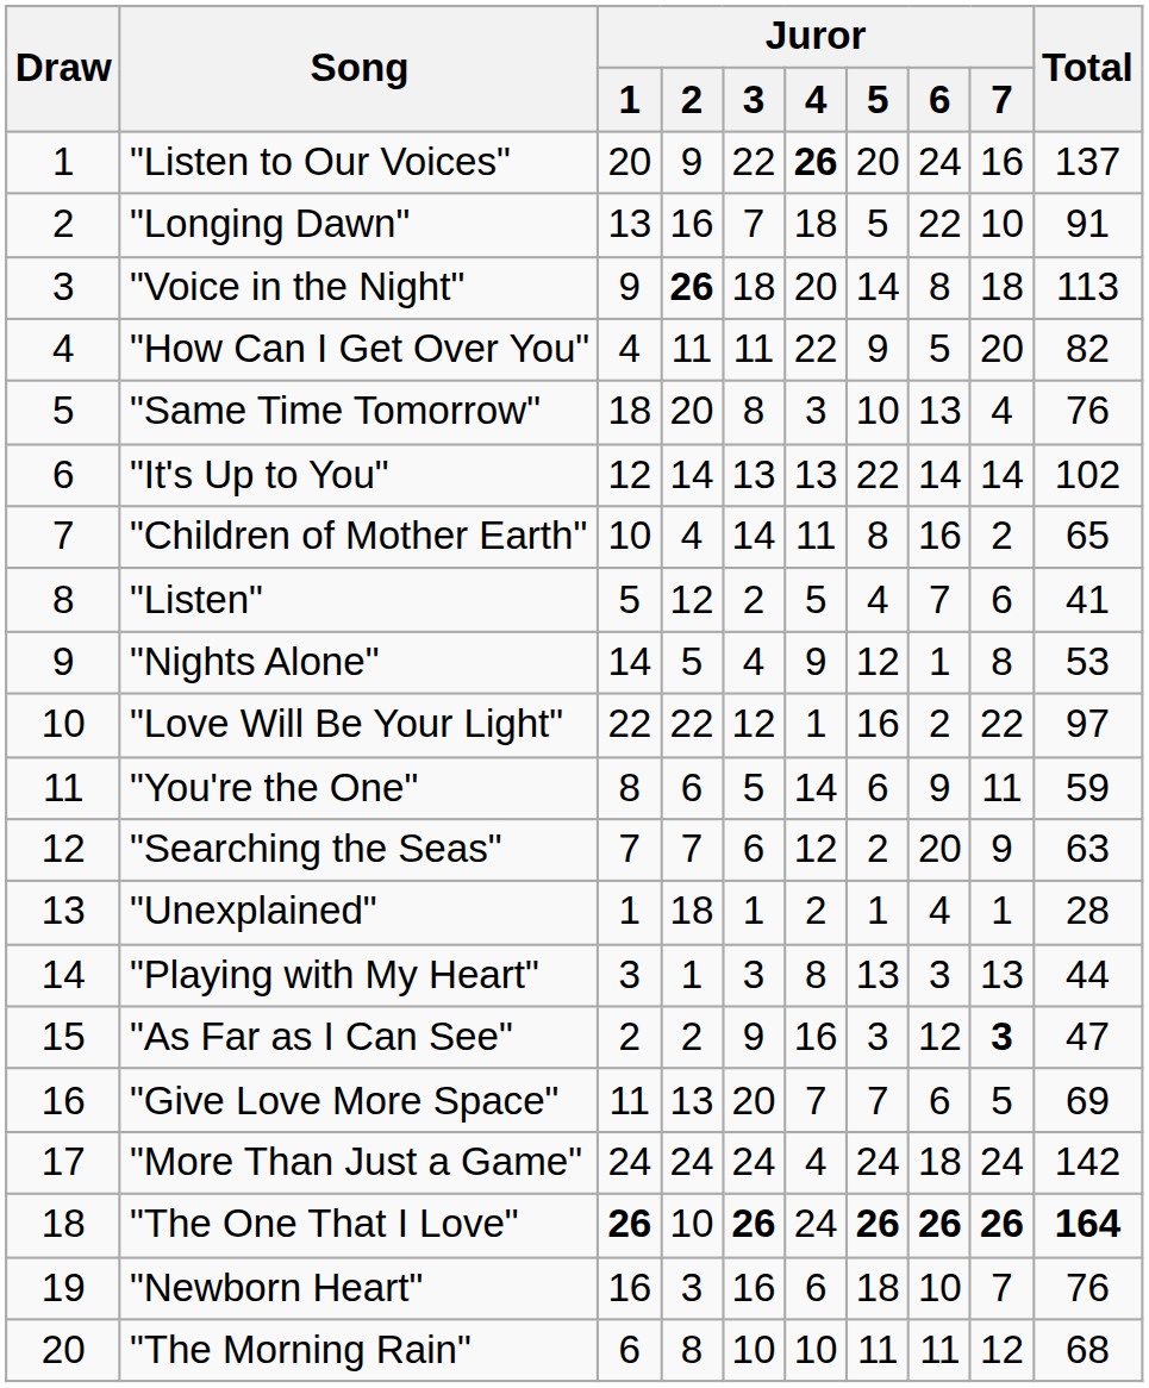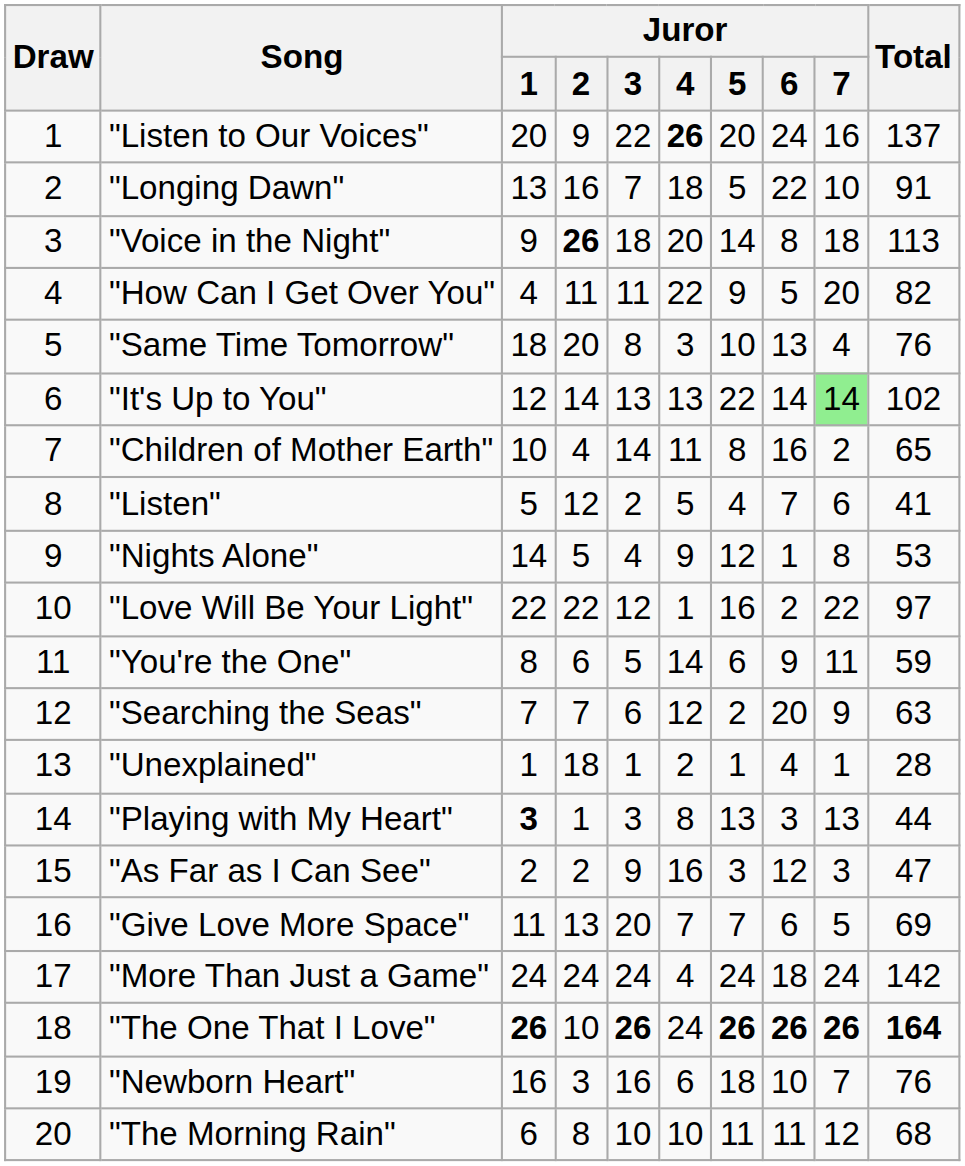 <table class="wikitable plainrowheaders" style="margin: 1em auto 1em auto; text-align:center;">
 <tr>
 <th rowspan="2">Draw</th>
 <th rowspan="2">Song</th>
 <th colspan="7">Juror</th>
 <th rowspan="2">Total</th>
 </tr>
 <tr>
 <th>1</th>
 <th>2</th>
 <th>3</th>
 <th>4</th>
 <th>5</th>
 <th>6</th>
 <th>7</th>
 </tr>
 <tr>
 <td>1</td>
 <td align="left">"Listen to Our Voices"</td>
 <td>20</td>
 <td>9</td>
 <td>22</td>
 <td><strong>26</strong></td>
 <td>20</td>
 <td>24</td>
 <td>16</td>
 <td>137</td>
 </tr>
 <tr>
 <td>2</td>
 <td align="left">"Longing Dawn"</td>
 <td>13</td>
 <td>16</td>
 <td>7</td>
 <td>18</td>
 <td>5</td>
 <td>22</td>
 <td>10</td>
 <td>91</td>
 </tr>
 <tr>
 <td>3</td>
 <td align="left">"Voice in the Night"</td>
 <td>9</td>
 <td><strong>26</strong></td>
 <td>18</td>
 <td>20</td>
 <td>14</td>
 <td>8</td>
 <td>18</td>
 <td>113</td>
 </tr>
 <tr>
 <td>4</td>
 <td align="left">"How Can I Get Over You"</td>
 <td>4</td>
 <td>11</td>
 <td>11</td>
 <td>22</td>
 <td>9</td>
 <td>5</td>
 <td>20</td>
 <td>82</td>
 </tr>
 <tr>
 <td>5</td>
 <td align="left">"Same Time Tomorrow"</td>
 <td>18</td>
 <td>20</td>
 <td>8</td>
 <td>3</td>
 <td>10</td>
 <td>13</td>
 <td>4</td>
 <td>76</td>
 </tr>
 <tr>
 <td>6</td>
 <td align="left">"It's Up to You"</td>
 <td>12</td>
 <td>14</td>
 <td>13</td>
 <td>13</td>
 <td>22</td>
 <td>14</td>
-<td>14</td>
+<td style="background: lightgreen;">14</td>
 <td>102</td>
 </tr>
 <tr>
 <td>7</td>
 <td align="left">"Children of Mother Earth"</td>
 <td>10</td>
 <td>4</td>
 <td>14</td>
 <td>11</td>
 <td>8</td>
 <td>16</td>
 <td>2</td>
 <td>65</td>
 </tr>
 <tr>
 <td>8</td>
 <td align="left">"Listen"</td>
 <td>5</td>
 <td>12</td>
 <td>2</td>
 <td>5</td>
 <td>4</td>
 <td>7</td>
 <td>6</td>
 <td>41</td>
 </tr>
 <tr>
 <td>9</td>
 <td align="left">"Nights Alone"</td>
 <td>14</td>
 <td>5</td>
 <td>4</td>
 <td>9</td>
 <td>12</td>
 <td>1</td>
 <td>8</td>
 <td>53</td>
 </tr>
 <tr>
 <td>10</td>
 <td align="left">"Love Will Be Your Light"</td>
 <td>22</td>
 <td>22</td>
 <td>12</td>
 <td>1</td>
 <td>16</td>
 <td>2</td>
 <td>22</td>
 <td>97</td>
 </tr>
 <tr>
 <td>11</td>
 <td align="left">"You're the One"</td>
 <td>8</td>
 <td>6</td>
 <td>5</td>
 <td>14</td>
 <td>6</td>
 <td>9</td>
 <td>11</td>
 <td>59</td>
 </tr>
 <tr>
 <td>12</td>
 <td align="left">"Searching the Seas"</td>
 <td>7</td>
 <td>7</td>
 <td>6</td>
 <td>12</td>
 <td>2</td>
 <td>20</td>
 <td>9</td>
 <td>63</td>
 </tr>
 <tr>
 <td>13</td>
 <td align="left">"Unexplained"</td>
 <td>1</td>
 <td>18</td>
 <td>1</td>
 <td>2</td>
 <td>1</td>
 <td>4</td>
 <td>1</td>
 <td>28</td>
 </tr>
 <tr>
 <td>14</td>
 <td align="left">"Playing with My Heart"</td>
-<td>3</td>
+<td><strong>3</strong></td>
 <td>1</td>
 <td>3</td>
 <td>8</td>
 <td>13</td>
 <td>3</td>
 <td>13</td>
 <td>44</td>
 </tr>
 <tr>
 <td>15</td>
 <td align="left">"As Far as I Can See"</td>
 <td>2</td>
 <td>2</td>
 <td>9</td>
 <td>16</td>
 <td>3</td>
 <td>12</td>
-<td><strong>3</strong></td>
+<td>3</td>
 <td>47</td>
 </tr>
 <tr>
 <td>16</td>
 <td align="left">"Give Love More Space"</td>
 <td>11</td>
 <td>13</td>
 <td>20</td>
 <td>7</td>
 <td>7</td>
 <td>6</td>
 <td>5</td>
 <td>69</td>
 </tr>
 <tr>
 <td>17</td>
 <td align="left">"More Than Just a Game"</td>
 <td>24</td>
 <td>24</td>
 <td>24</td>
 <td>4</td>
 <td>24</td>
 <td>18</td>
 <td>24</td>
 <td>142</td>
 </tr>
 <tr>
 <td>18</td>
 <td align="left">"The One That I Love"</td>
 <td><strong>26</strong></td>
 <td>10</td>
 <td><strong>26</strong></td>
 <td>24</td>
 <td><strong>26</strong></td>
 <td><strong>26</strong></td>
 <td><strong>26</strong></td>
 <td><strong>164</strong></td>
 </tr>
 <tr>
 <td>19</td>
 <td align="left">"Newborn Heart"</td>
 <td>16</td>
 <td>3</td>
 <td>16</td>
 <td>6</td>
 <td>18</td>
 <td>10</td>
 <td>7</td>
 <td>76</td>
 </tr>
 <tr>
 <td>20</td>
 <td align="left">"The Morning Rain"</td>
 <td>6</td>
 <td>8</td>
 <td>10</td>
 <td>10</td>
 <td>11</td>
 <td>11</td>
 <td>12</td>
 <td>68</td>
 </tr>
 </table>
